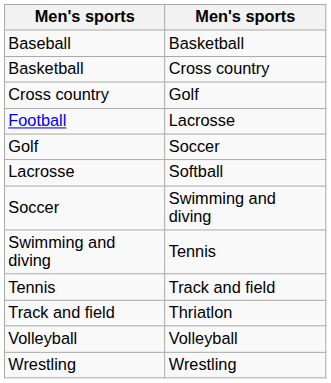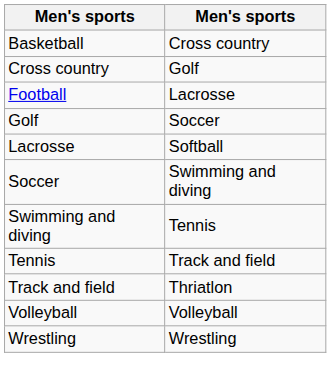 <table class="wikitable"; style= "text-align: ">
 <tr>
 <th width=150px>Men's sports</th>
 <th width=150px>Men's sports</th>
-</tr>
-<tr>
-<td>Baseball</td>
-<td>Basketball</td>
 </tr>
 <tr>
 <td>Basketball</td>
 <td>Cross country</td>
 </tr>
 <tr>
 <td>Cross country</td>
 <td>Golf</td>
 </tr>
 <tr>
 <td><a href='#'>Football</a></td>
 <td>Lacrosse</td>
 </tr>
 <tr>
 <td>Golf</td>
 <td>Soccer</td>
 </tr>
 <tr>
 <td>Lacrosse</td>
 <td>Softball</td>
 </tr>
 <tr>
 <td>Soccer</td>
 <td>Swimming and diving</td>
 </tr>
 <tr>
 <td>Swimming and diving</td>
 <td>Tennis</td>
 </tr>
 <tr>
 <td>Tennis</td>
 <td>Track and field</td>
 </tr>
 <tr>
 <td>Track and field</td>
 <td>Thriatlon</td>
 </tr>
 <tr>
 <td>Volleyball</td>
 <td>Volleyball</td>
 </tr>
 <tr>
 <td>Wrestling</td>
 <td>Wrestling</td>
 </tr>
 </table>
